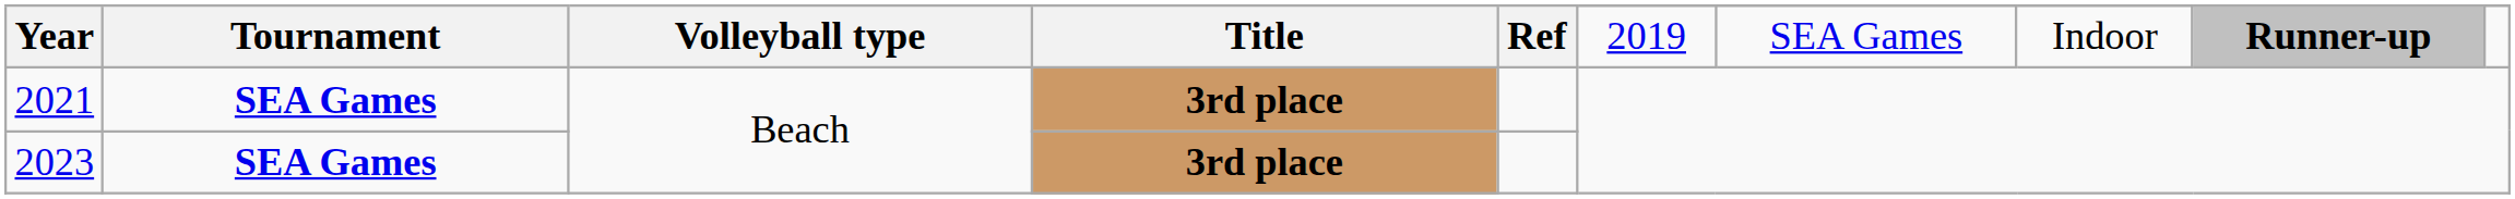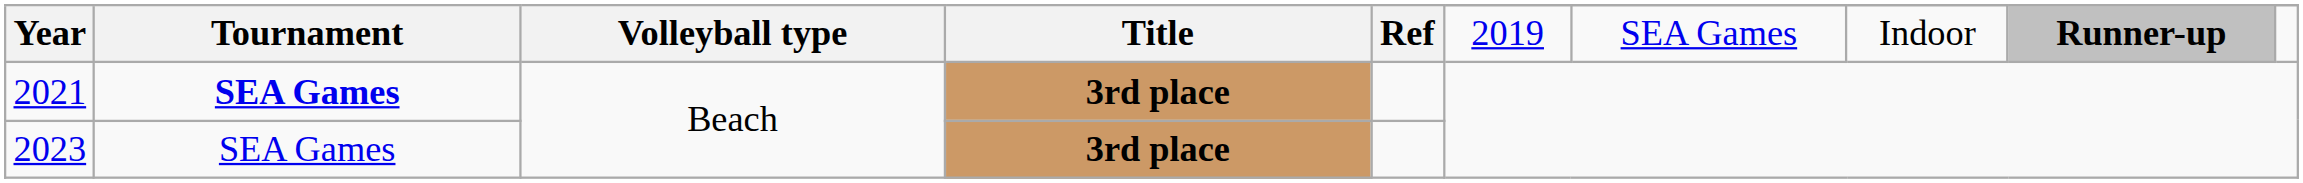 <table class="wikitable sortable" style="text-align:center" width="80%">
 <tr>
 <th style="width:25px;" rowspan="2">Year</th>
 <th style="width:180px;" rowspan="2">Tournament</th>
 <th style="width:180px;" rowspan="2">Volleyball type</th>
 <th style="width:180px;" rowspan="2">Title</th>
 <th style="width:25px;" rowspan="2">Ref</th>
 </tr>
 <tr align=center>
 <td><a href='#'>2019</a></td>
 <td><a href='#'>SEA Games</a></td>
 <td>Indoor</td>
 <td style="background:silver;"><strong>Runner-up</strong></td>
 <td></td>
 </tr>
 <tr align=center>
 <td><a href='#'>2021</a></td>
 <td><strong><a href='#'>SEA Games</a></strong></td>
 <td rowspan=2>Beach</td>
 <td style="background:#CC9966;"><strong>3rd place</strong></td>
 <td></td>
 </tr>
 <tr align=center>
 <td><a href='#'>2023</a></td>
-<td><strong><a href='#'>SEA Games</a></strong></td>
+<td><a href='#'>SEA Games</a></td>
 <td style="background:#CC9966;"><strong>3rd place</strong></td>
 <td></td>
 </tr>
 </table>
